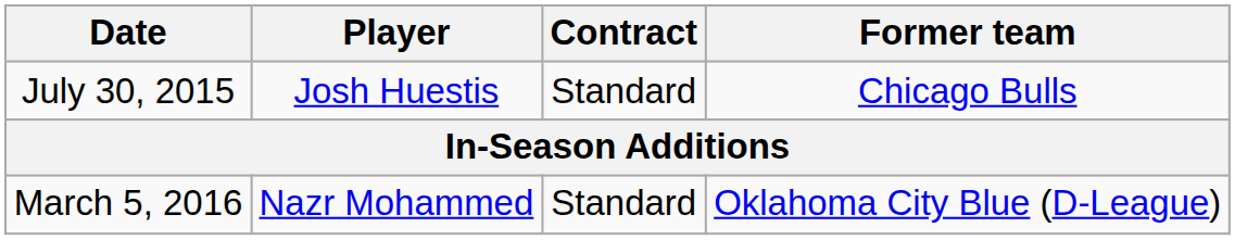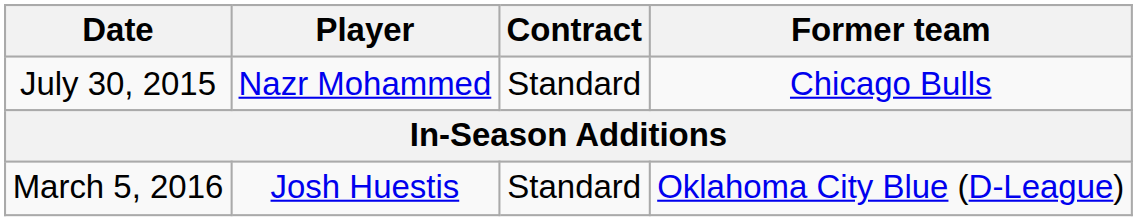 <table class="wikitable" style="text-align: center">
 <tr>
 <th>Date</th>
 <th>Player</th>
 <th>Contract</th>
 <th>Former team</th>
 </tr>
 <tr style="text-align: center">
 <td>July 30, 2015</td>
-<td><a href='#'>Josh Huestis</a></td>
+<td><a href='#'>Nazr Mohammed</a></td>
 <td>Standard</td>
 <td><a href='#'>Chicago Bulls</a></td>
 </tr>
 <tr>
 <th scope="row" colspan="6" style="text-align:center;”">In-Season Additions</th>
 </tr>
 <tr style="text-align: center">
 <td>March 5, 2016</td>
-<td><a href='#'>Nazr Mohammed</a></td>
+<td><a href='#'>Josh Huestis</a></td>
 <td>Standard</td>
 <td><a href='#'>Oklahoma City Blue</a> (<a href='#'>D-League</a>)</td>
 </tr>
 </table>
